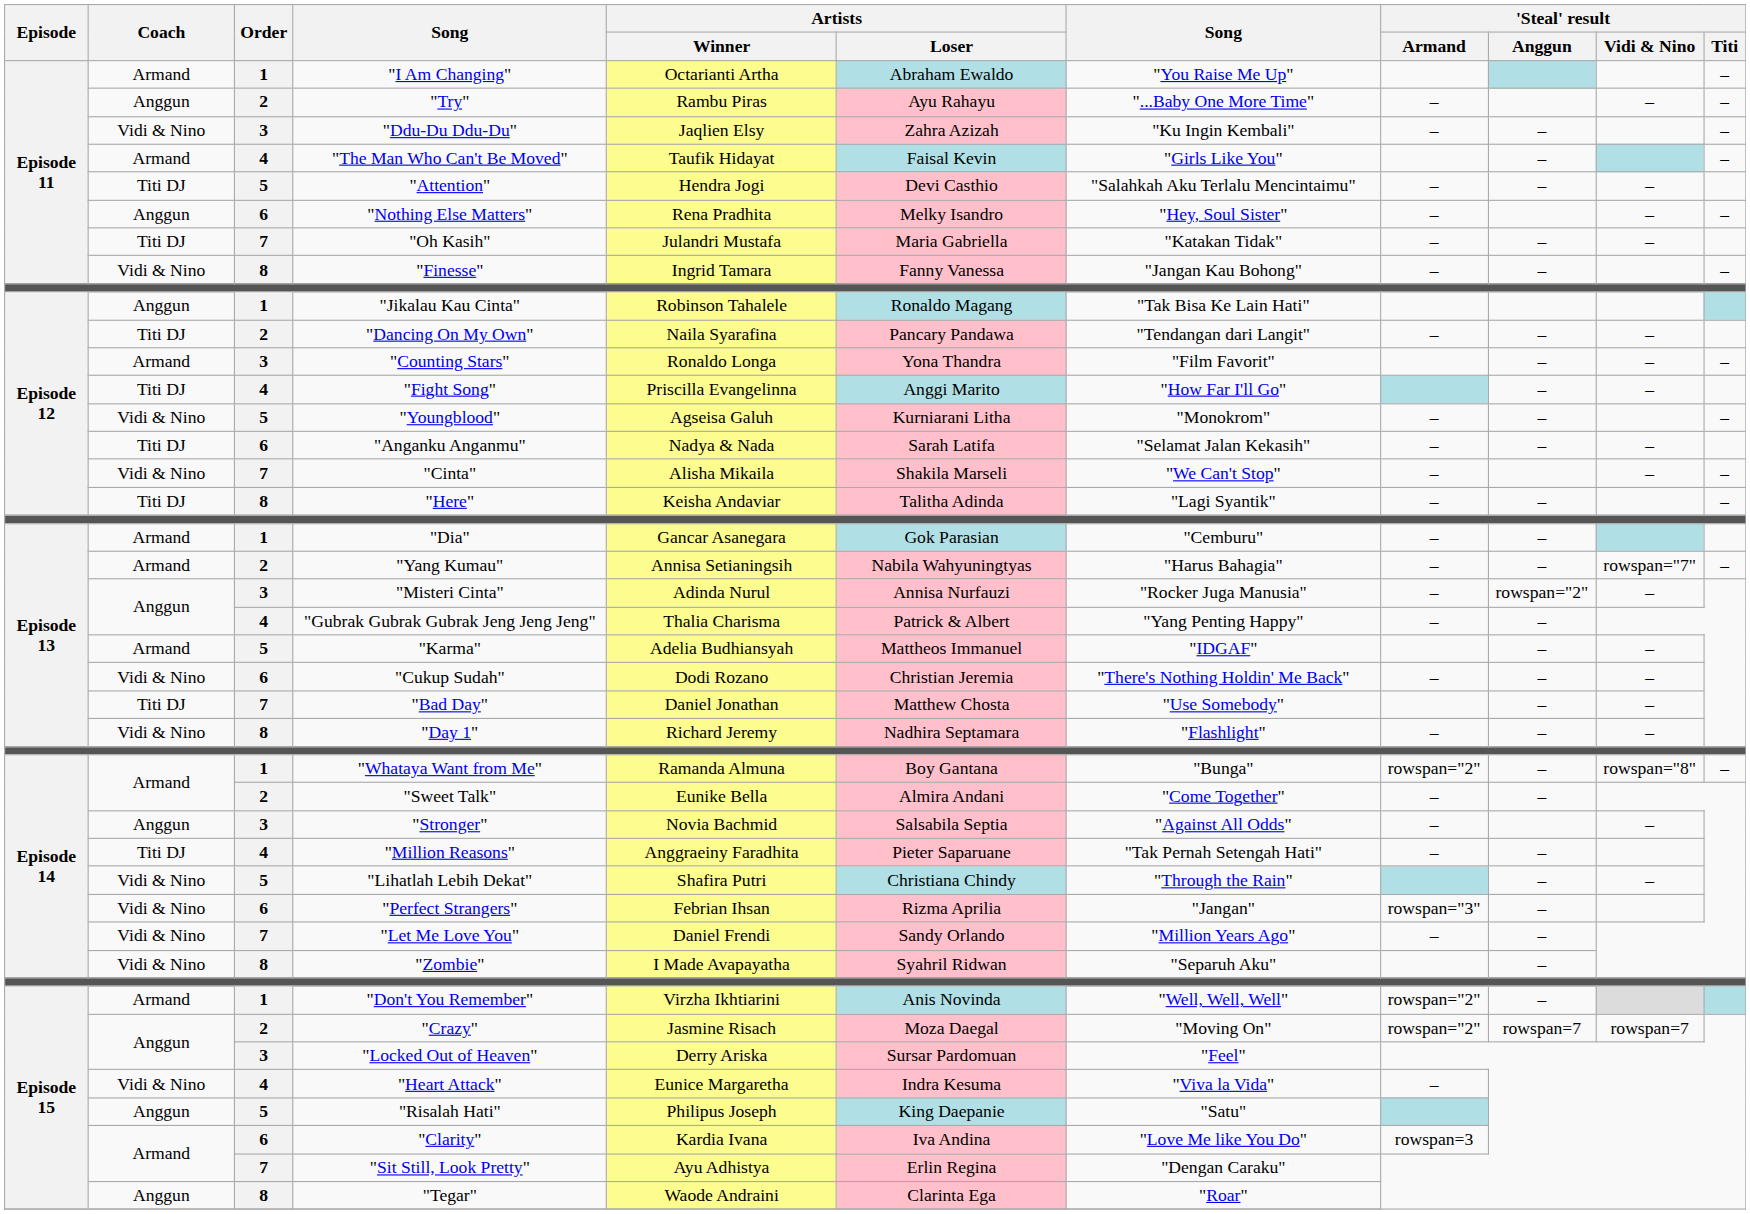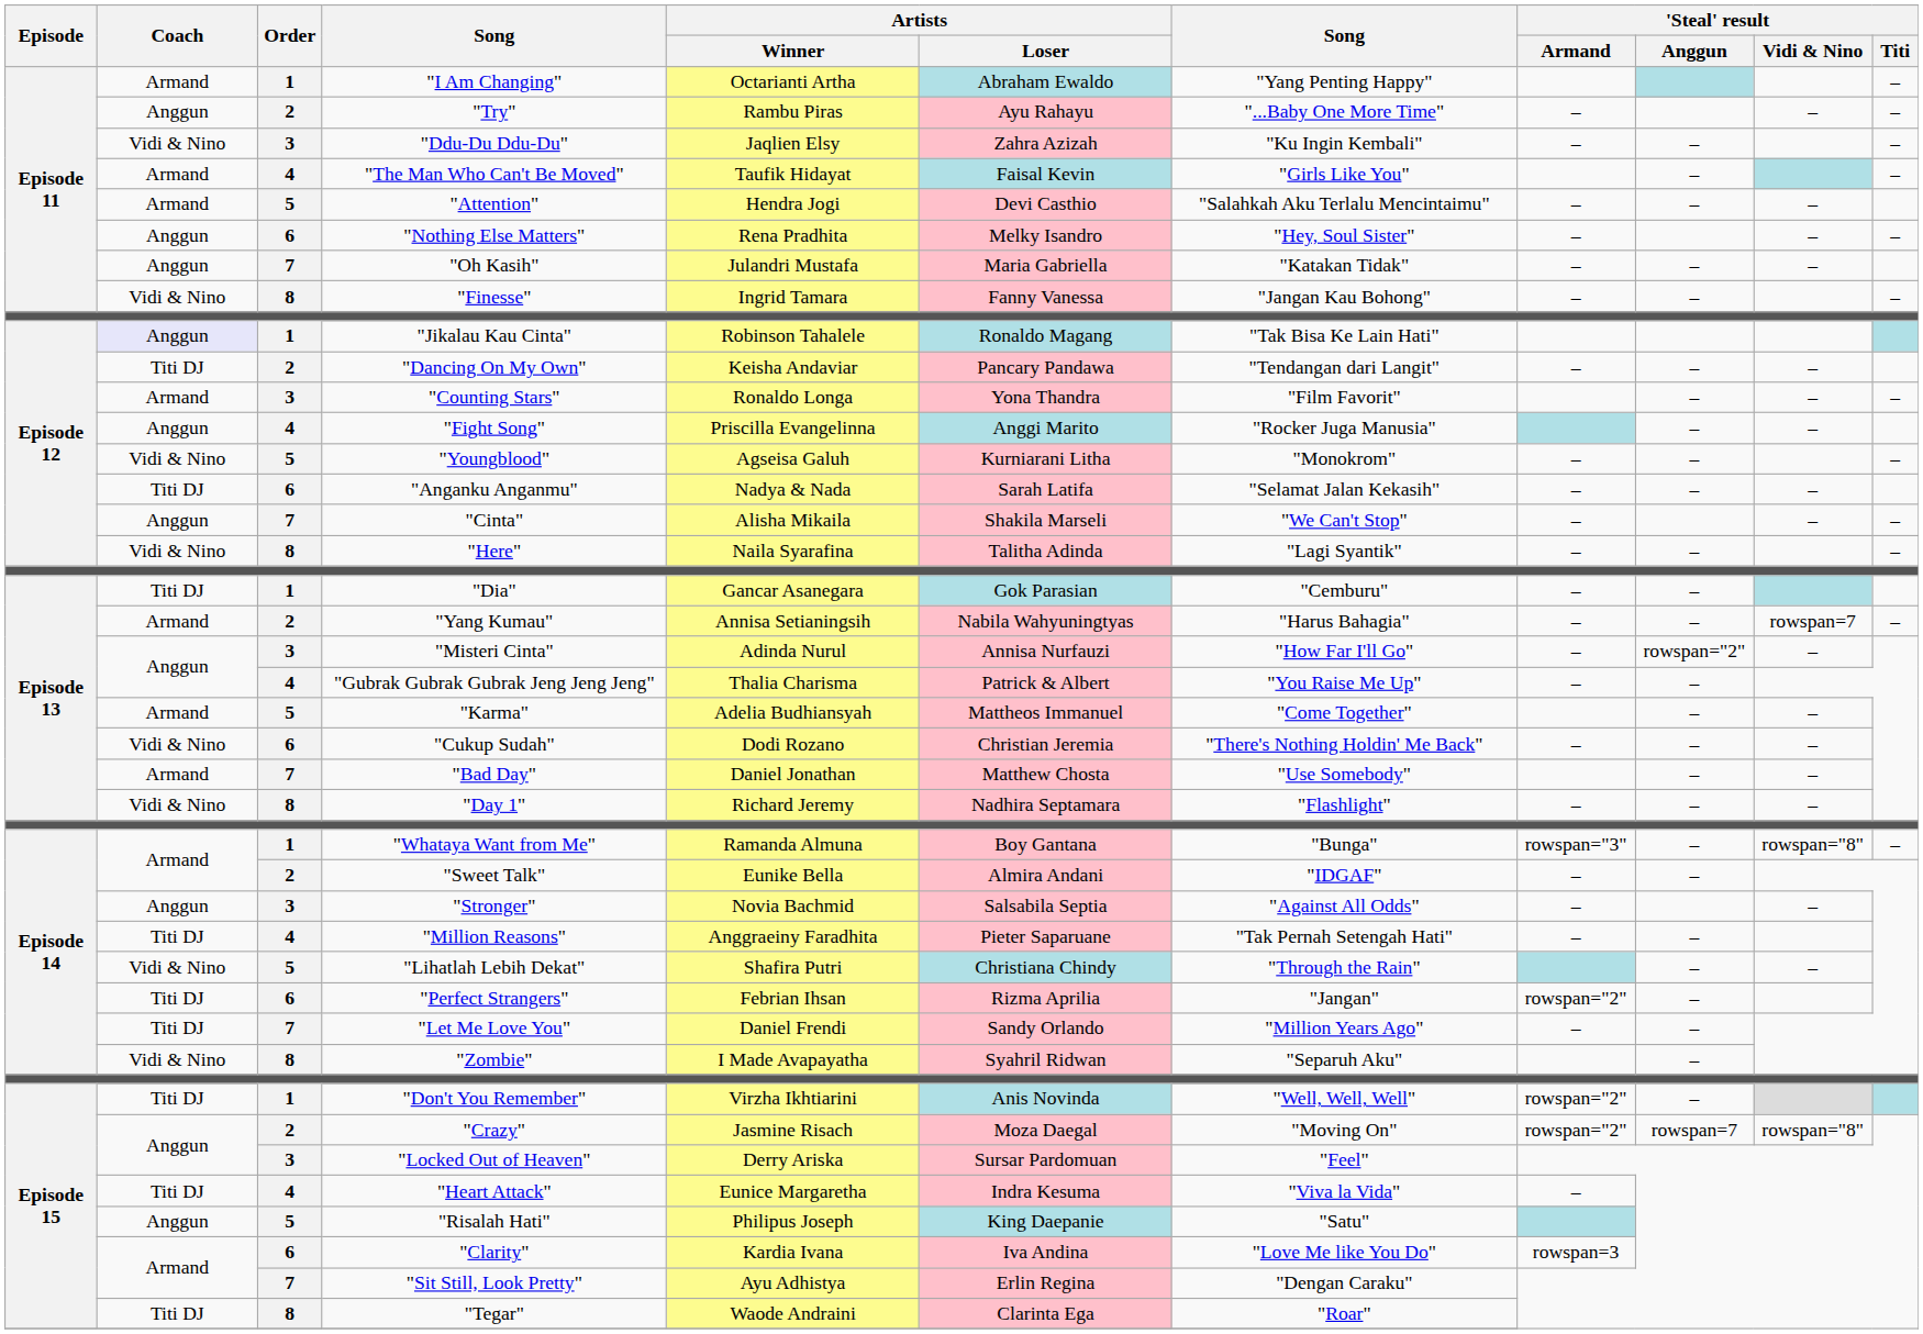 <table class="wikitable" style="text-align: center; width:100%;">
 <tr>
 <th rowspan="2" style="width:4%;">Episode</th>
 <th rowspan="2" style="width:07%;">Coach</th>
 <th rowspan="2" style="width:01%;">Order</th>
 <th rowspan="2" style="width:15%;">Song</th>
 <th colspan="2" style="width:22%;">Artists</th>
 <th rowspan="2" style="width:15%;">Song</th>
 <th colspan="4" style="width:08%;">'Steal' result</th>
 </tr>
 <tr>
 <th style="width:11%;">Winner</th>
 <th style="width:11%;">Loser</th>
 <th style="width:02%;">Armand</th>
 <th style="width:02%;">Anggun</th>
 <th style="width:02%;">Vidi & Nino</th>
 <th style="width:02%;">Titi</th>
 </tr>
 <tr>
 <th rowspan="8">Episode 11<br><small></small></th>
 <td>Armand</td>
 <th>1</th>
 <td>"<a href='#'>I Am Changing</a>"</td>
 <td style="background:#fdfc8f;">Octarianti Artha</td>
 <td style="background:#B0E0E6;">Abraham Ewaldo</td>
-<td>"<a href='#'>You Raise Me Up</a>"</td>
+<td>"Yang Penting Happy"</td>
 <td></td>
 <td style="background:#B0E0E6;"><strong></strong></td>
 <td><strong></strong></td>
 <td>–</td>
 </tr>
 <tr>
 <td>Anggun</td>
 <th>2</th>
 <td>"<a href='#'>Try</a>"</td>
 <td style="background:#fdfc8f;">Rambu Piras</td>
 <td style="background:pink;">Ayu Rahayu</td>
 <td>"<a href='#'>...Baby One More Time</a>"</td>
 <td>–</td>
 <td></td>
 <td>–</td>
 <td>–</td>
 </tr>
 <tr>
 <td>Vidi & Nino</td>
 <th>3</th>
 <td>"<a href='#'>Ddu-Du Ddu-Du</a>"</td>
 <td style="background:#fdfc8f;">Jaqlien Elsy</td>
 <td style="background:pink;">Zahra Azizah</td>
 <td>"Ku Ingin Kembali"</td>
 <td>–</td>
 <td>–</td>
 <td></td>
 <td>–</td>
 </tr>
 <tr>
 <td>Armand</td>
 <th>4</th>
 <td>"<a href='#'>The Man Who Can't Be Moved</a>"</td>
 <td style="background:#fdfc8f;">Taufik Hidayat</td>
 <td style="background:#B0E0E6;">Faisal Kevin</td>
 <td>"<a href='#'>Girls Like You</a>"</td>
 <td></td>
 <td>–</td>
 <td style="background:#B0E0E6;"><strong></strong></td>
 <td>–</td>
 </tr>
 <tr>
-<td>Titi DJ</td>
+<td>Armand</td>
 <th>5</th>
 <td>"<a href='#'>Attention</a>"</td>
 <td style="background:#fdfc8f;">Hendra Jogi</td>
 <td style="background:pink;">Devi Casthio</td>
 <td>"Salahkah Aku Terlalu Mencintaimu"</td>
 <td>–</td>
 <td>–</td>
 <td>–</td>
 <td></td>
 </tr>
 <tr>
 <td>Anggun</td>
 <th>6</th>
 <td>"<a href='#'>Nothing Else Matters</a>"</td>
 <td style="background:#fdfc8f;">Rena Pradhita</td>
 <td style="background:pink;">Melky Isandro</td>
 <td>"<a href='#'>Hey, Soul Sister</a>"</td>
 <td>–</td>
 <td></td>
 <td>–</td>
 <td>–</td>
 </tr>
 <tr>
-<td>Titi DJ</td>
+<td>Anggun</td>
 <th>7</th>
 <td>"Oh Kasih"</td>
 <td style="background:#fdfc8f;">Julandri Mustafa</td>
 <td style="background:pink;">Maria Gabriella</td>
 <td>"Katakan Tidak"</td>
 <td>–</td>
 <td>–</td>
 <td>–</td>
 <td></td>
 </tr>
 <tr>
 <td>Vidi & Nino</td>
 <th>8</th>
 <td>"<a href='#'>Finesse</a>"</td>
 <td style="background:#fdfc8f;">Ingrid Tamara</td>
 <td style="background:pink;">Fanny Vanessa</td>
 <td>"Jangan Kau Bohong"</td>
 <td>–</td>
 <td>–</td>
 <td></td>
 <td>–</td>
 </tr>
 <tr>
 <td colspan="11" style="background:#555;"></td>
 </tr>
 <tr>
 <th rowspan="8">Episode 12<br><small></small></th>
-<td>Anggun</td>
+<td style="background: lavender;">Anggun</td>
 <th>1</th>
 <td>"Jikalau Kau Cinta"</td>
 <td style="background:#fdfc8f;">Robinson Tahalele</td>
 <td style="background:#B0E0E6;">Ronaldo Magang</td>
 <td>"Tak Bisa Ke Lain Hati"</td>
 <td><strong></strong></td>
 <td></td>
 <td><strong></strong></td>
 <td style="background:#B0E0E6;"><strong></strong></td>
 </tr>
 <tr>
 <td>Titi DJ</td>
 <th>2</th>
 <td>"<a href='#'>Dancing On My Own</a>"</td>
-<td style="background:#fdfc8f;">Naila Syarafina</td>
+<td style="background:#fdfc8f;">Keisha Andaviar</td>
 <td style="background:pink;">Pancary Pandawa</td>
 <td>"Tendangan dari Langit"</td>
 <td>–</td>
 <td>–</td>
 <td>–</td>
 <td></td>
 </tr>
 <tr>
 <td>Armand</td>
 <th>3</th>
 <td>"<a href='#'>Counting Stars</a>"</td>
 <td style="background:#fdfc8f;">Ronaldo Longa</td>
 <td style="background:pink;">Yona Thandra</td>
 <td>"Film Favorit"</td>
 <td></td>
 <td>–</td>
 <td>–</td>
 <td>–</td>
 </tr>
 <tr>
-<td>Titi DJ</td>
+<td>Anggun</td>
 <th>4</th>
 <td>"<a href='#'>Fight Song</a>"</td>
 <td style="background:#fdfc8f;">Priscilla Evangelinna</td>
 <td style="background:#B0E0E6;">Anggi Marito</td>
-<td>"<a href='#'>How Far I'll Go</a>"</td>
+<td>"Rocker Juga Manusia"</td>
 <td style="background:#B0E0E6;"><strong></strong></td>
 <td>–</td>
 <td>–</td>
 <td></td>
 </tr>
 <tr>
 <td>Vidi & Nino</td>
 <th>5</th>
 <td>"<a href='#'>Youngblood</a>"</td>
 <td style="background:#fdfc8f;">Agseisa Galuh</td>
 <td style="background:pink;">Kurniarani Litha</td>
 <td>"Monokrom"</td>
 <td>–</td>
 <td>–</td>
 <td></td>
 <td>–</td>
 </tr>
 <tr>
 <td>Titi DJ</td>
 <th>6</th>
 <td>"Anganku Anganmu"</td>
 <td style="background:#fdfc8f;">Nadya & Nada</td>
 <td style="background:pink;">Sarah Latifa</td>
 <td>"Selamat Jalan Kekasih"</td>
 <td>–</td>
 <td>–</td>
 <td>–</td>
 <td></td>
 </tr>
 <tr>
-<td>Vidi & Nino</td>
+<td>Anggun</td>
 <th>7</th>
 <td>"Cinta"</td>
 <td style="background:#fdfc8f;">Alisha Mikaila</td>
 <td style="background:pink;">Shakila Marseli</td>
 <td>"<a href='#'>We Can't Stop</a>"</td>
 <td>–</td>
 <td></td>
 <td>–</td>
 <td>–</td>
 </tr>
 <tr>
-<td>Titi DJ</td>
+<td>Vidi & Nino</td>
 <th>8</th>
 <td>"<a href='#'>Here</a>"</td>
-<td style="background:#fdfc8f;">Keisha Andaviar</td>
+<td style="background:#fdfc8f;">Naila Syarafina</td>
 <td style="background:pink;">Talitha Adinda</td>
 <td>"Lagi Syantik"</td>
 <td>–</td>
 <td>–</td>
 <td></td>
 <td>–</td>
 </tr>
 <tr>
 <td colspan="11" style="background:#555;"></td>
 </tr>
 <tr>
 <th rowspan="8">Episode 13<br><small></small></th>
-<td>Armand</td>
+<td>Titi DJ</td>
 <th>1</th>
 <td>"Dia"</td>
 <td style="background:#fdfc8f;">Gancar Asanegara</td>
 <td style="background:#B0E0E6;">Gok Parasian</td>
 <td>"Cemburu"</td>
 <td>–</td>
 <td>–</td>
 <td style="background:#B0E0E6;"><strong></strong></td>
 <td></td>
 </tr>
 <tr>
 <td>Armand</td>
 <th>2</th>
 <td>"Yang Kumau"</td>
 <td style="background:#fdfc8f;">Annisa Setianingsih</td>
 <td style="background:pink;">Nabila Wahyuningtyas</td>
 <td>"Harus Bahagia"</td>
 <td>–</td>
 <td>–</td>
-<td>rowspan="7" </td>
+<td>rowspan=7 </td>
 <td>–</td>
 </tr>
 <tr>
 <td rowspan="2">Anggun</td>
 <th>3</th>
 <td>"Misteri Cinta"</td>
 <td style="background:#fdfc8f;">Adinda Nurul</td>
 <td style="background:pink;">Annisa Nurfauzi</td>
-<td>"Rocker Juga Manusia"</td>
+<td>"<a href='#'>How Far I'll Go</a>"</td>
 <td>–</td>
 <td>rowspan="2" </td>
 <td>–</td>
 </tr>
 <tr>
 <th>4</th>
 <td>"Gubrak Gubrak Gubrak Jeng Jeng Jeng"</td>
 <td style="background:#fdfc8f;">Thalia Charisma</td>
 <td style="background:pink;">Patrick & Albert</td>
-<td>"Yang Penting Happy"</td>
+<td>"<a href='#'>You Raise Me Up</a>"</td>
 <td>–</td>
 <td>–</td>
 </tr>
 <tr>
 <td>Armand</td>
 <th>5</th>
 <td>"Karma"</td>
 <td style="background:#fdfc8f;">Adelia Budhiansyah</td>
 <td style="background:pink;">Mattheos Immanuel</td>
-<td>"<a href='#'>IDGAF</a>"</td>
+<td>"<a href='#'>Come Together</a>"</td>
 <td></td>
 <td>–</td>
 <td>–</td>
 </tr>
 <tr>
 <td>Vidi & Nino</td>
 <th>6</th>
 <td>"Cukup Sudah"</td>
 <td style="background:#fdfc8f;">Dodi Rozano</td>
 <td style="background:pink;">Christian Jeremia</td>
 <td>"<a href='#'>There's Nothing Holdin' Me Back</a>"</td>
 <td>–</td>
 <td>–</td>
 <td>–</td>
 </tr>
 <tr>
-<td>Titi DJ</td>
+<td>Armand</td>
 <th>7</th>
 <td>"<a href='#'>Bad Day</a>"</td>
 <td style="background:#fdfc8f;">Daniel Jonathan</td>
 <td style="background:pink;">Matthew Chosta</td>
 <td>"<a href='#'>Use Somebody</a>"</td>
 <td></td>
 <td>–</td>
 <td>–</td>
 </tr>
 <tr>
 <td>Vidi & Nino</td>
 <th>8</th>
 <td>"<a href='#'>Day 1</a>"</td>
 <td style="background:#fdfc8f;">Richard Jeremy</td>
 <td style="background:pink;">Nadhira Septamara</td>
 <td>"<a href='#'>Flashlight</a>"</td>
 <td>–</td>
 <td>–</td>
 <td>–</td>
 </tr>
 <tr>
 <td colspan="11" style="background:#555;"></td>
 </tr>
 <tr>
 <th rowspan="8">Episode 14<br><small></small></th>
 <td rowspan="2">Armand</td>
 <th>1</th>
 <td>"<a href='#'>Whataya Want from Me</a>"</td>
 <td style="background:#fdfc8f;">Ramanda Almuna</td>
 <td style="background:pink;">Boy Gantana</td>
 <td>"Bunga"</td>
-<td>rowspan="2" </td>
+<td>rowspan="3" </td>
 <td>–</td>
 <td>rowspan="8" </td>
 <td>–</td>
 </tr>
 <tr>
 <th>2</th>
 <td>"Sweet Talk"</td>
 <td style="background:#fdfc8f;">Eunike Bella</td>
 <td style="background:pink;">Almira Andani</td>
-<td>"<a href='#'>Come Together</a>"</td>
+<td>"<a href='#'>IDGAF</a>"</td>
 <td>–</td>
 <td>–</td>
 </tr>
 <tr>
 <td>Anggun</td>
 <th>3</th>
 <td>"<a href='#'>Stronger</a>"</td>
 <td style="background:#fdfc8f;">Novia Bachmid</td>
 <td style="background:pink;">Salsabila Septia</td>
 <td>"<a href='#'>Against All Odds</a>"</td>
 <td>–</td>
 <td></td>
 <td>–</td>
 </tr>
 <tr>
 <td>Titi DJ</td>
 <th>4</th>
 <td>"<a href='#'>Million Reasons</a>"</td>
 <td style="background:#fdfc8f;">Anggraeiny Faradhita</td>
 <td style="background:pink;">Pieter Saparuane</td>
 <td>"Tak Pernah Setengah Hati"</td>
 <td>–</td>
 <td>–</td>
 <td></td>
 </tr>
 <tr>
 <td>Vidi & Nino</td>
 <th>5</th>
 <td>"Lihatlah Lebih Dekat"</td>
 <td style="background:#fdfc8f;">Shafira Putri</td>
 <td style="background:#B0E0E6;">Christiana Chindy</td>
 <td>"<a href='#'>Through the Rain</a>"</td>
 <td style="background:#B0E0E6;"><strong></strong></td>
 <td>–</td>
 <td>–</td>
 </tr>
 <tr>
-<td>Vidi & Nino</td>
+<td>Titi DJ</td>
 <th>6</th>
 <td>"<a href='#'>Perfect Strangers</a>"</td>
 <td style="background:#fdfc8f;">Febrian Ihsan</td>
 <td style="background:pink;">Rizma Aprilia</td>
 <td>"Jangan"</td>
-<td>rowspan="3" </td>
+<td>rowspan="2" </td>
 <td>–</td>
 <td></td>
 </tr>
 <tr>
-<td>Vidi & Nino</td>
+<td>Titi DJ</td>
 <th>7</th>
 <td>"<a href='#'>Let Me Love You</a>"</td>
 <td style="background:#fdfc8f;">Daniel Frendi</td>
 <td style="background:pink;">Sandy Orlando</td>
 <td>"<a href='#'>Million Years Ago</a>"</td>
 <td>–</td>
 <td>–</td>
 </tr>
 <tr>
 <td>Vidi & Nino</td>
 <th>8</th>
 <td>"<a href='#'>Zombie</a>"</td>
 <td style="background:#fdfc8f;">I Made Avapayatha</td>
 <td style="background:pink;">Syahril Ridwan</td>
 <td>"Separuh Aku"</td>
 <td></td>
 <td>–</td>
 </tr>
 <tr>
 <td colspan="11" style="background:#555;"></td>
 </tr>
 <tr>
 <th rowspan="8">Episode 15<br><small></small></th>
-<td>Armand</td>
+<td>Titi DJ</td>
 <th>1</th>
 <td>"<a href='#'>Don't You Remember</a>"</td>
 <td style="background:#fdfc8f;">Virzha Ikhtiarini</td>
 <td style="background:#B0E0E6;">Anis Novinda</td>
 <td>"<a href='#'>Well, Well, Well</a>"</td>
 <td>rowspan="2" </td>
 <td>–</td>
 <td style="background:#DCDCDC;"><strong></strong></td>
 <td style="background:#B0E0E6;"><strong></strong></td>
 </tr>
 <tr>
 <td rowspan=2>Anggun</td>
 <th>2</th>
 <td>"<a href='#'>Crazy</a>"</td>
 <td style="background:#fdfc8f;">Jasmine Risach</td>
 <td style="background:pink;">Moza Daegal</td>
 <td>"Moving On"</td>
 <td>rowspan="2" </td>
 <td>rowspan=7 </td>
-<td>rowspan=7 </td>
+<td>rowspan="8" </td>
 </tr>
 <tr>
 <th>3</th>
 <td>"<a href='#'>Locked Out of Heaven</a>"</td>
 <td style="background:#fdfc8f;">Derry Ariska</td>
 <td style="background:pink;">Sursar Pardomuan</td>
 <td>"<a href='#'>Feel</a>"</td>
 </tr>
 <tr>
-<td>Vidi & Nino</td>
+<td>Titi DJ</td>
 <th>4</th>
 <td>"<a href='#'>Heart Attack</a>"</td>
 <td style="background:#fdfc8f;">Eunice Margaretha</td>
 <td style="background:pink;">Indra Kesuma</td>
 <td>"<a href='#'>Viva la Vida</a>"</td>
 <td>–</td>
 </tr>
 <tr>
 <td>Anggun</td>
 <th>5</th>
 <td>"Risalah Hati"</td>
 <td style="background:#fdfc8f;">Philipus Joseph</td>
 <td style="background:#B0E0E6;">King Daepanie</td>
 <td>"Satu"</td>
 <td style="background:#B0E0E6;"><strong></strong></td>
 </tr>
 <tr>
 <td rowspan=2>Armand</td>
 <th>6</th>
 <td>"<a href='#'>Clarity</a>"</td>
 <td style="background:#fdfc8f;">Kardia Ivana</td>
 <td style="background:pink;">Iva Andina</td>
 <td>"<a href='#'>Love Me like You Do</a>"</td>
 <td>rowspan=3 </td>
 </tr>
 <tr>
 <th>7</th>
 <td>"<a href='#'>Sit Still, Look Pretty</a>"</td>
 <td style="background:#fdfc8f;">Ayu Adhistya</td>
 <td style="background:pink;">Erlin Regina</td>
 <td>"Dengan Caraku"</td>
 </tr>
 <tr>
-<td>Anggun</td>
+<td>Titi DJ</td>
 <th>8</th>
 <td>"Tegar"</td>
 <td style="background:#fdfc8f;">Waode Andraini</td>
 <td style="background:pink;">Clarinta Ega</td>
 <td>"<a href='#'>Roar</a>"</td>
 </tr>
 <tr>
 </tr>
 </table>
